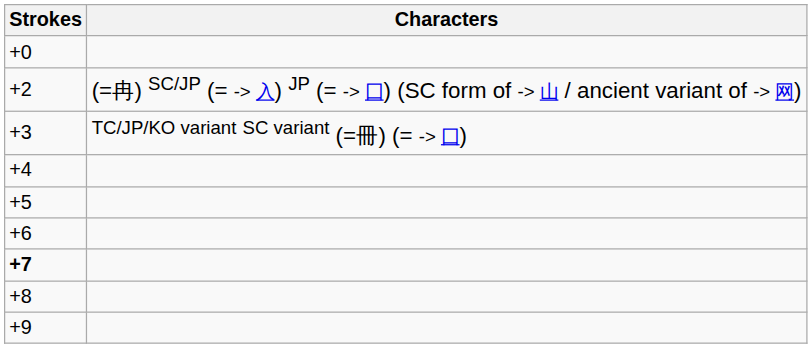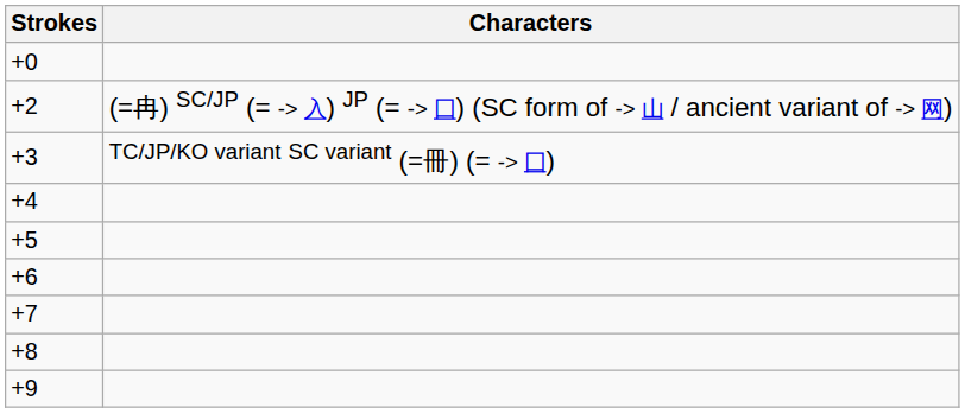 <table class="wikitable">
 <tr>
 <th>Strokes</th>
 <th>Characters</th>
 </tr>
 <tr --->
 <td>+0</td>
 <td style="font-size: large;"></td>
 </tr>
 <tr>
 <td>+2</td>
 <td style="font-size: large;">  (=冉) <sup>SC/JP</sup> (= <small>-> <a href='#'>入</a></small>) <sup>JP</sup> (= <small>-> <a href='#'>囗</a></small>)   (SC form of  <small>-> <a href='#'>山</a></small> / ancient variant of  <small>-> <a href='#'>网</a></small>)</td>
 </tr>
 <tr>
 <td>+3</td>
 <td style="font-size: large;"> <sup>TC/JP/KO variant</sup>  <sup>SC variant</sup> (=冊)  (= <small>-> <a href='#'>囗</a></small>)</td>
 </tr>
 <tr>
 <td>+4</td>
 <td style="font-size: large;"> </td>
 </tr>
 <tr>
 <td>+5</td>
 <td style="font-size: large;"></td>
 </tr>
 <tr>
 <td>+6</td>
 <td style="font-size: large;"></td>
 </tr>
 <tr>
-<td><strong>+7</strong></td>
+<td>+7</td>
 <td style="font-size: large;"> </td>
 </tr>
 <tr>
 <td>+8</td>
 <td style="font-size: large;"> </td>
 </tr>
 <tr>
 <td>+9</td>
 <td style="font-size: large;"></td>
 </tr>
 </table>
